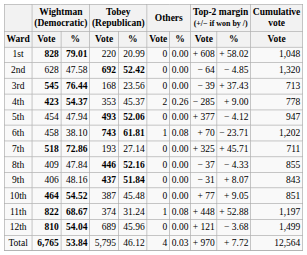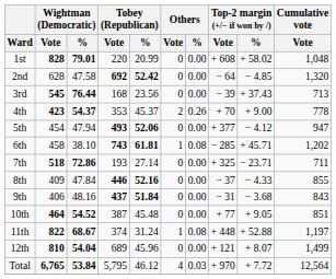 <table class="wikitable sortable" style="text-align:right;font-size:90%;">
 <tr>
 <th></th>
 <th style="text-align:center;" colspan="2">Wightman<br>(Democratic)</th>
 <th style="text-align:center;" colspan="2">Tobey<br>(Republican)</th>
 <th style="text-align:center;" colspan="2">Others</th>
 <th style="text-align:center;" colspan="2">Top-2 margin<br><small>(+/− if won by /)</small></th>
 <th>Cumulative<br>vote</th>
 </tr>
 <tr>
 <th align=center>Ward</th>
 <th style="text-align:center;" data-sort- type="number">Vote</th>
 <th style="text-align:center;" data-sort- type="number">%</th>
 <th style="text-align:center;" data-sort- type="number">Vote</th>
 <th style="text-align:center;" data-sort- type="number">%</th>
 <th style="text-align:center;" data-sort- type="number">Vote</th>
 <th style="text-align:center;" data-sort- type="number">%</th>
 <th style="text-align:center;" data-sort- type="number">Vote</th>
 <th style="text-align:center;" data-sort- type="number">%</th>
 <th style="text-align:center;" data-sort- type="number">Vote</th>
 </tr>
 <tr>
 <td style="text-align:center;">1st</td>
 <td><strong>828</strong></td>
 <td><strong>79.01</strong></td>
 <td>220</td>
 <td>20.99</td>
 <td>0</td>
 <td>0.00</td>
 <td>+ 608</td>
 <td>+ 58.02</td>
 <td>1,048</td>
 </tr>
 <tr>
 <td style="text-align:center;">2nd</td>
 <td>628</td>
 <td>47.58</td>
 <td><strong>692</strong></td>
 <td><strong>52.42</strong></td>
 <td>0</td>
 <td>0.00</td>
 <td>− 64</td>
 <td>− 4.85</td>
 <td>1,320</td>
 </tr>
 <tr>
 <td style="text-align:center;">3rd</td>
 <td><strong>545</strong></td>
 <td><strong>76.44</strong></td>
 <td>168</td>
 <td>23.56</td>
 <td>0</td>
 <td>0.00</td>
 <td>− 39</td>
 <td>+ 37.43</td>
 <td>713</td>
 </tr>
 <tr>
 <td style="text-align:center;">4th</td>
 <td><strong>423</strong></td>
 <td><strong>54.37</strong></td>
 <td>353</td>
 <td>45.37</td>
 <td>2</td>
 <td>0.26</td>
-<td>− 285</td>
+<td>+ 70</td>
 <td>+ 9.00</td>
 <td>778</td>
 </tr>
 <tr>
 <td style="text-align:center;">5th</td>
 <td>454</td>
 <td>47.94</td>
 <td><strong>493</strong></td>
 <td><strong>52.06</strong></td>
 <td>0</td>
 <td>0.00</td>
 <td>+ 377</td>
 <td>− 4.12</td>
 <td>947</td>
 </tr>
 <tr>
 <td style="text-align:center;">6th</td>
 <td>458</td>
 <td>38.10</td>
 <td><strong>743</strong></td>
 <td><strong>61.81</strong></td>
 <td>1</td>
 <td>0.08</td>
-<td>+ 70</td>
-<td>− 23.71</td>
+<td>− 285</td>
+<td>+ 45.71</td>
 <td>1,202</td>
 </tr>
 <tr>
 <td style="text-align:center;">7th</td>
 <td><strong>518</strong></td>
 <td><strong>72.86</strong></td>
 <td>193</td>
 <td>27.14</td>
 <td>0</td>
 <td>0.00</td>
 <td>+ 325</td>
-<td>+ 45.71</td>
+<td>− 23.71</td>
 <td>711</td>
 </tr>
 <tr>
 <td style="text-align:center;">8th</td>
 <td>409</td>
 <td>47.84</td>
 <td><strong>446</strong></td>
 <td><strong>52.16</strong></td>
 <td>0</td>
 <td>0.00</td>
 <td>− 37</td>
 <td>− 4.33</td>
 <td>855</td>
 </tr>
 <tr>
 <td style="text-align:center;">9th</td>
 <td>406</td>
 <td>48.16</td>
 <td><strong>437</strong></td>
 <td><strong>51.84</strong></td>
 <td>0</td>
 <td>0.00</td>
 <td>− 31</td>
-<td>+ 8.07</td>
+<td>− 3.68</td>
 <td>843</td>
 </tr>
 <tr>
 <td style="text-align:center;">10th</td>
 <td><strong>464</strong></td>
 <td><strong>54.52</strong></td>
 <td>387</td>
 <td>45.48</td>
 <td>0</td>
 <td>0.00</td>
 <td>+ 77</td>
 <td>+ 9.05</td>
 <td>851</td>
 </tr>
 <tr>
 <td style="text-align:center;">11th</td>
 <td><strong>822</strong></td>
 <td><strong>68.67</strong></td>
 <td>374</td>
 <td>31.24</td>
 <td>1</td>
 <td>0.08</td>
 <td>+ 448</td>
 <td>+ 52.88</td>
 <td>1,197</td>
 </tr>
 <tr>
 <td style="text-align:center;">12th</td>
 <td><strong>810</strong></td>
 <td><strong>54.04</strong></td>
 <td>689</td>
 <td>45.96</td>
 <td>0</td>
 <td>0.00</td>
 <td>+ 121</td>
-<td>− 3.68</td>
+<td>+ 8.07</td>
 <td>1,499</td>
 </tr>
 <tr>
 <td style="text-align:center;">Total</td>
 <td><strong>6,765</strong></td>
 <td><strong>53.84</strong></td>
 <td>5,795</td>
 <td>46.12</td>
 <td>4</td>
 <td>0.03</td>
 <td>+ 970</td>
 <td>+ 7.72</td>
 <td>12,564</td>
 </tr>
 <tr>
 </tr>
 </table>
